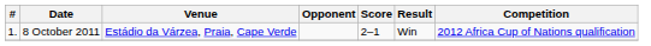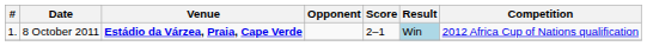 <table class="wikitable" style="font-size:95%;">
 <tr>
 <th>#</th>
 <th>Date</th>
 <th>Venue</th>
 <th>Opponent</th>
 <th>Score</th>
 <th>Result</th>
 <th>Competition</th>
 </tr>
 <tr>
 <td>1.</td>
 <td>8 October 2011</td>
-<td><a href='#'>Estádio da Várzea</a>, <a href='#'>Praia</a>, <a href='#'>Cape Verde</a></td>
+<td><strong><a href='#'>Estádio da Várzea</a>, <a href='#'>Praia</a>, <a href='#'>Cape Verde</a></strong></td>
 <td></td>
 <td>2–1</td>
-<td>Win</td>
+<td style="background: lightblue;">Win</td>
 <td><a href='#'>2012 Africa Cup of Nations qualification</a></td>
 </tr>
 <tr>
 </tr>
 </table>
